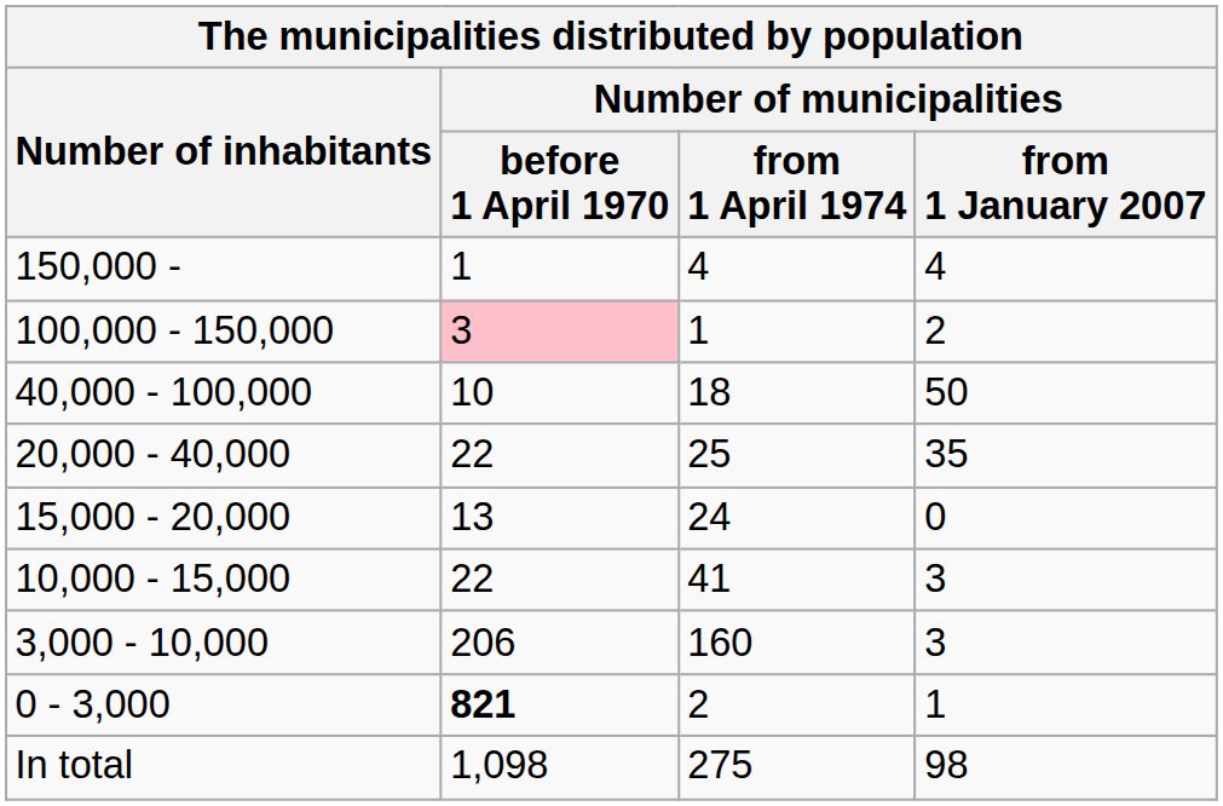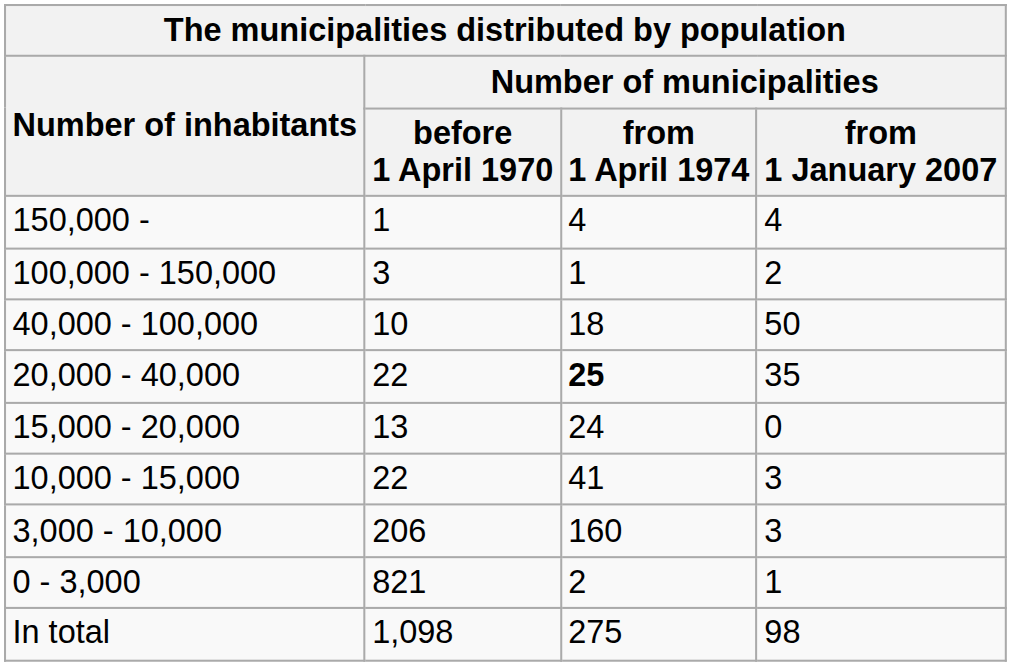 <table class="wikitable">
 <tr>
 <th colspan="4">The municipalities distributed by population</th>
 </tr>
 <tr align="center">
 <th rowspan="2">Number of inhabitants</th>
 <th colspan="3">Number of municipalities</th>
 </tr>
 <tr align="center">
 <th>before<br>1 April 1970</th>
 <th>from<br>1 April 1974</th>
 <th>from<br>1 January 2007</th>
 </tr>
 <tr>
 <td>150,000 -</td>
 <td>1</td>
 <td>4</td>
 <td>4</td>
 </tr>
 <tr>
 <td>100,000 - 150,000</td>
-<td style="background: pink;">3</td>
+<td>3</td>
 <td>1</td>
 <td>2</td>
 </tr>
 <tr>
 <td>40,000 - 100,000</td>
 <td>10</td>
 <td>18</td>
 <td>50</td>
 </tr>
 <tr>
 <td>20,000 - 40,000</td>
 <td>22</td>
-<td>25</td>
+<td><strong>25</strong></td>
 <td>35</td>
 </tr>
 <tr>
 <td>15,000 - 20,000</td>
 <td>13</td>
 <td>24</td>
 <td>0</td>
 </tr>
 <tr>
 <td>10,000 - 15,000</td>
 <td>22</td>
 <td>41</td>
 <td>3</td>
 </tr>
 <tr>
 <td>3,000 - 10,000</td>
 <td>206</td>
 <td>160</td>
 <td>3</td>
 </tr>
 <tr>
 <td>0 - 3,000</td>
-<td><strong>821</strong></td>
+<td>821</td>
 <td>2</td>
 <td>1</td>
 </tr>
 <tr>
 <td>In total</td>
 <td>1,098</td>
 <td>275</td>
 <td>98</td>
 </tr>
 </table>
